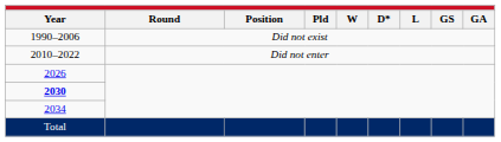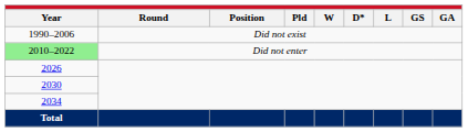 <table class="wikitable" style="text-align: center;font-size:90%;">
 <tr>
 <th colspan="9" style="background: #CE1126; color: #FFFFFF;"><a href='#'></a></th>
 </tr>
 <tr>
 <th width=125>Year</th>
 <th width=150>Round</th>
 <th width=100>Position</th>
 <th width=35>Pld</th>
 <th width=35>W</th>
 <th width=35>D*</th>
 <th width=35>L</th>
 <th width=35>GS</th>
 <th width=35>GA</th>
 </tr>
 <tr>
 <td>1990–2006</td>
 <td colspan="8"><em>Did not exist</em></td>
 </tr>
 <tr>
-<td>2010–2022</td>
+<td style="background: lightgreen;">2010–2022</td>
 <td colspan="8"><em>Did not enter</em></td>
 </tr>
 <tr>
 <td> <a href='#'>2026</a></td>
 <td colspan='8' rowspan='3'></td>
 </tr>
 <tr>
-<td><strong> <a href='#'>2030</a></strong></td>
+<td> <a href='#'>2030</a></td>
 </tr>
 <tr>
 <td> <a href='#'>2034</a></td>
 </tr>
 <tr>
-<td colspan=1 style="background: #002868; color: #FFFFFF;">Total</td>
+<td colspan=1 style="background: #002868; color: #FFFFFF;"><strong>Total</strong></td>
 <td style="background: #002868; color: #FFFFFF;"></td>
 <td style="background: #002868; color: #FFFFFF;"></td>
 <td style="background: #002868; color: #FFFFFF;"></td>
 <td style="background: #002868; color: #FFFFFF;"></td>
 <td style="background: #002868; color: #FFFFFF;"></td>
 <td style="background: #002868; color: #FFFFFF;"></td>
 <td style="background: #002868; color: #FFFFFF;"></td>
 <td style="background: #002868; color: #FFFFFF;"></td>
 </tr>
 </table>
